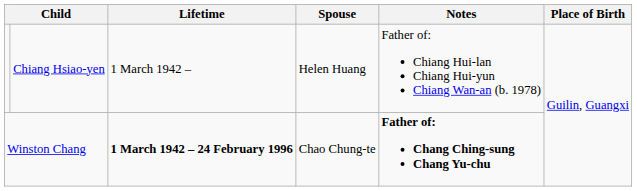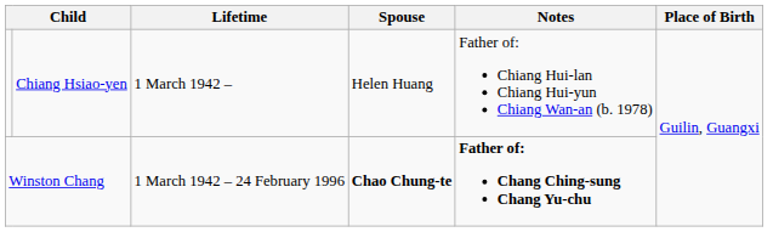 <table class="wikitable">
 <tr>
 <th colspan="2">Child</th>
 <th>Lifetime</th>
 <th>Spouse</th>
 <th>Notes</th>
 <th>Place of Birth</th>
 </tr>
 <tr>
 <td></td>
 <td><a href='#'>Chiang Hsiao-yen</a></td>
 <td>1 March 1942 –</td>
 <td>Helen Huang</td>
 <td>Father of:<br><ul><li>Chiang Hui-lan</li><li>Chiang Hui-yun</li><li><a href='#'>Chiang Wan-an</a> (b. 1978)</li></ul></td>
 <td rowspan=2><a href='#'>Guilin</a>, <a href='#'>Guangxi</a></td>
 </tr>
 <tr>
 <td colspan=2><a href='#'>Winston Chang</a></td>
-<td><strong>1 March 1942 – 24 February 1996</strong></td>
-<td>Chao Chung-te</td>
+<td>1 March 1942 – 24 February 1996</td>
+<td><strong>Chao Chung-te</strong></td>
 <td><strong>Father of:<br><ul><li>Chang Ching-sung</li><li>Chang Yu-chu</li></ul></strong></td>
 </tr>
 </table>
